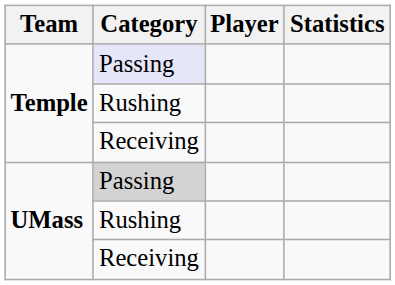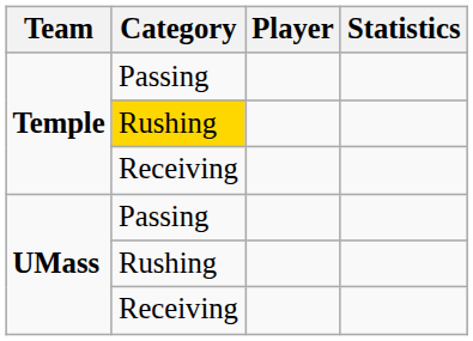 <table class="wikitable" style="float: right;">
 <tr>
 <th>Team</th>
 <th>Category</th>
 <th>Player</th>
 <th>Statistics</th>
 </tr>
 <tr>
 <td rowspan=3><strong>Temple</strong></td>
-<td style="background: lavender;">Passing</td>
+<td>Passing</td>
 <td></td>
 <td></td>
 </tr>
 <tr>
-<td>Rushing</td>
+<td style="background: gold;">Rushing</td>
 <td></td>
 <td></td>
 </tr>
 <tr>
 <td>Receiving</td>
 <td></td>
 <td></td>
 </tr>
 <tr>
 <td rowspan=3><strong>UMass</strong></td>
-<td style="background: lightgrey;">Passing</td>
+<td>Passing</td>
 <td></td>
 <td></td>
 </tr>
 <tr>
 <td>Rushing</td>
 <td></td>
 <td></td>
 </tr>
 <tr>
 <td>Receiving</td>
 <td></td>
 <td></td>
 </tr>
 </table>
